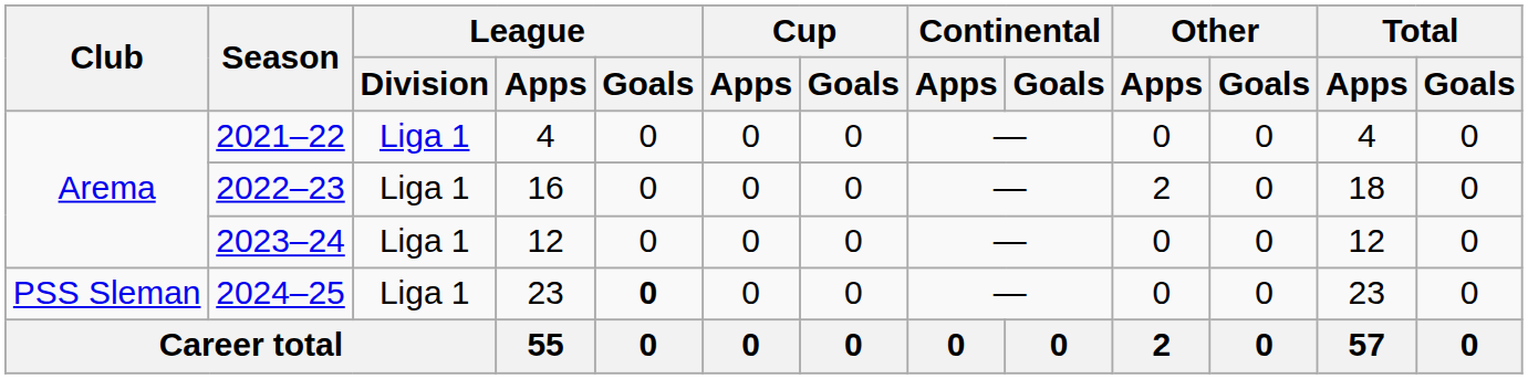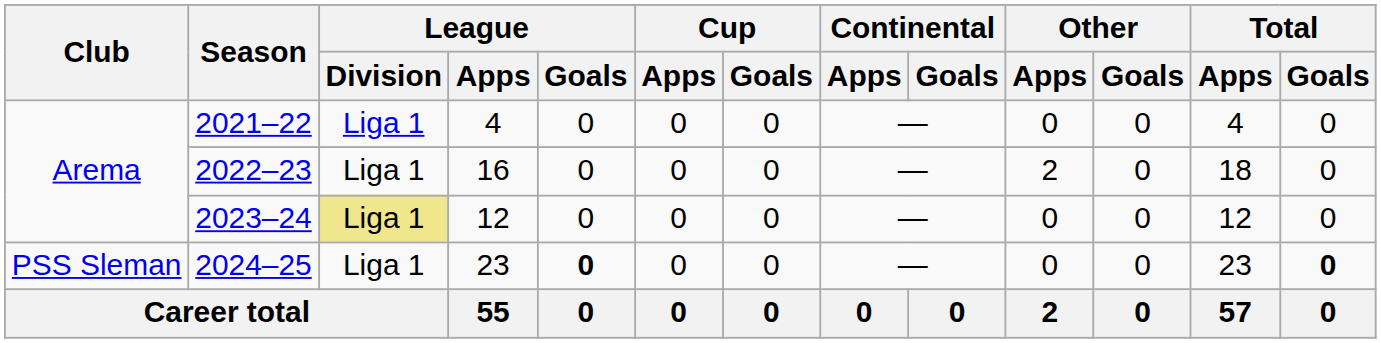 <table class="wikitable" style="text-align: center">
 <tr>
 <th rowspan="2">Club</th>
 <th rowspan="2">Season</th>
 <th colspan="3">League</th>
 <th colspan="2">Cup</th>
 <th colspan="2">Continental</th>
 <th colspan="2">Other</th>
 <th colspan="2">Total</th>
 </tr>
 <tr>
 <th>Division</th>
 <th>Apps</th>
 <th>Goals</th>
 <th>Apps</th>
 <th>Goals</th>
 <th>Apps</th>
 <th>Goals</th>
 <th>Apps</th>
 <th>Goals</th>
 <th>Apps</th>
 <th>Goals</th>
 </tr>
 <tr>
 <td rowspan="3"><a href='#'>Arema</a></td>
 <td><a href='#'>2021–22</a></td>
 <td rowspan="1" valign="center"><a href='#'>Liga 1</a></td>
 <td>4</td>
 <td>0</td>
 <td>0</td>
 <td>0</td>
 <td colspan="2">—</td>
 <td>0</td>
 <td>0</td>
 <td>4</td>
 <td>0</td>
 </tr>
 <tr>
 <td><a href='#'>2022–23</a></td>
 <td rowspan="1" valign="center">Liga 1</td>
 <td>16</td>
 <td>0</td>
 <td>0</td>
 <td>0</td>
 <td colspan="2">—</td>
 <td>2</td>
 <td>0</td>
 <td>18</td>
 <td>0</td>
 </tr>
 <tr>
 <td><a href='#'>2023–24</a></td>
-<td>Liga 1</td>
+<td style="background: khaki;">Liga 1</td>
 <td>12</td>
 <td>0</td>
 <td>0</td>
 <td>0</td>
 <td colspan="2">—</td>
 <td>0</td>
 <td>0</td>
 <td>12</td>
 <td>0</td>
 </tr>
 <tr>
 <td rowspan="1"><a href='#'>PSS Sleman</a></td>
 <td><a href='#'>2024–25</a></td>
 <td>Liga 1</td>
 <td>23</td>
 <td><strong>0</strong></td>
 <td>0</td>
 <td>0</td>
 <td colspan="2">—</td>
 <td>0</td>
 <td>0</td>
 <td>23</td>
-<td>0</td>
+<td><strong>0</strong></td>
 </tr>
 <tr>
 <th colspan=3>Career total</th>
 <th>55</th>
 <th>0</th>
 <th>0</th>
 <th>0</th>
 <th>0</th>
 <th>0</th>
 <th>2</th>
 <th>0</th>
 <th>57</th>
 <th>0</th>
 </tr>
 </table>
